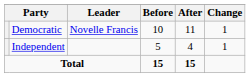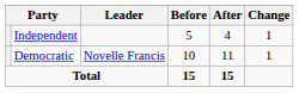 <table class="wikitable" style="text-align:center;">
 <tr>
 </tr>
 <tr>
 <th colspan=2>Party</th>
 <th>Leader</th>
 <th>Before</th>
 <th>After</th>
 <th>Change</th>
 </tr>
 <tr>
 <th style="background-color:"></th>
+<td style="text-align:left;"><a href='#'>Independent</a></td>
+<td style="text-align:left;"></td>
+<td>5</td>
+<td>4</td>
+<td> 1</td>
+</tr>
+<tr>
+<th style="background-color:"></th>
 <td style="text-align:left;"><a href='#'>Democratic</a></td>
 <td style="text-align:left;"><a href='#'>Novelle Francis</a></td>
 <td>10</td>
 <td>11</td>
-<td> 1</td>
-</tr>
-<tr>
-<th style="background-color:"></th>
-<td style="text-align:left;"><a href='#'>Independent</a></td>
-<td style="text-align:left;"></td>
-<td>5</td>
-<td>4</td>
 <td> 1</td>
 </tr>
 <tr>
 <td colspan=3><strong>Total</strong></td>
 <td><strong>15</strong></td>
 <td><strong>15</strong></td>
 <td></td>
 </tr>
 </table>
